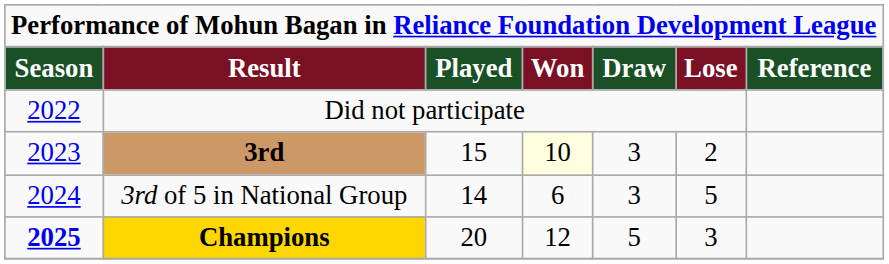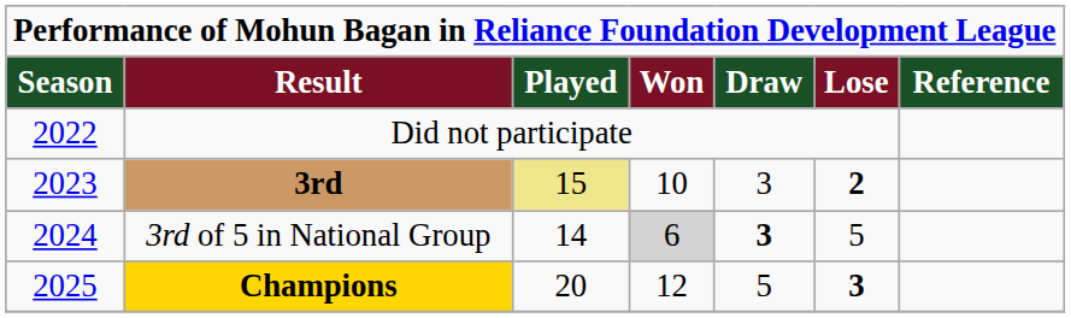 <table class="wikitable" margin-left:1em;float:center">
 <tr>
 <td colspan="7"><strong>Performance of Mohun Bagan in <a href='#'>Reliance Foundation Development League</a></strong></td>
 </tr>
 <tr>
 <th style="background:#1A5026; color:white; text-align:center;">Season</th>
 <th style="background:#7A1024; color:white; text-align:center;">Result</th>
 <th style="background:#1A5026; color:white; text-align:center;">Played</th>
 <th style="background:#7A1024; color:white; text-align:center;">Won</th>
 <th style="background:#1A5026; color:white; text-align:center;">Draw</th>
 <th style="background:#7A1024; color:white; text-align:center;">Lose</th>
 <th style="background:#1A5026; color:white; text-align:center;">Reference</th>
 </tr>
 <tr>
 <td style="text-align:center;"><a href='#'>2022</a></td>
 <td colspan=5 style="text-align:center;">Did not participate</td>
 <td></td>
 </tr>
 <tr>
 <td style="text-align:center;"><a href='#'>2023</a></td>
 <td style="text-align:center; background:#c96"><strong>3rd</strong></td>
-<td style="text-align:center">15</td>
-<td style="background: lightyellow; text-align:center">10</td>
+<td style="background: khaki; text-align:center">15</td>
+<td style="text-align:center">10</td>
 <td style="text-align:center">3</td>
-<td style="text-align:center">2</td>
+<td style="text-align:center"><strong>2</strong></td>
 <td></td>
 </tr>
 <tr>
 <td style="text-align:center"><a href='#'>2024</a></td>
 <td style="text-align:center"><em>3rd</em> of 5 in National Group</td>
 <td style="text-align:center">14</td>
-<td style="text-align:center">6</td>
-<td style="text-align:center">3</td>
+<td style="background: lightgrey; text-align:center">6</td>
+<td style="text-align:center"><strong>3</strong></td>
 <td style="text-align:center">5</td>
 <td></td>
 </tr>
 <tr>
-<td style="text-align:center"><strong><a href='#'>2025</a></strong></td>
+<td style="text-align:center"><a href='#'>2025</a></td>
 <td style="text-align:center; background:Gold"><strong>Champions</strong></td>
 <td style="text-align:center">20</td>
 <td style="text-align:center">12</td>
 <td style="text-align:center">5</td>
-<td style="text-align:center">3</td>
+<td style="text-align:center"><strong>3</strong></td>
 <td></td>
 </tr>
 <tr>
 </tr>
 </table>
